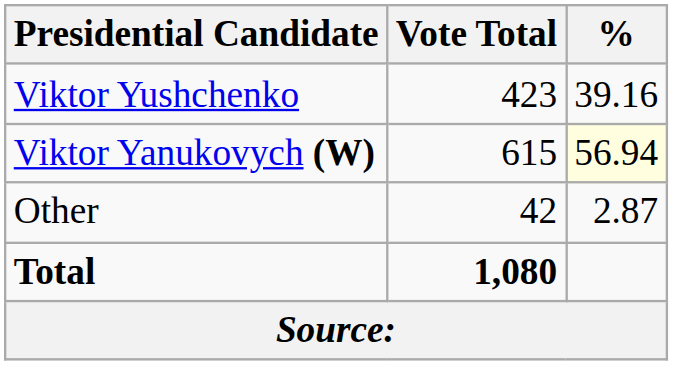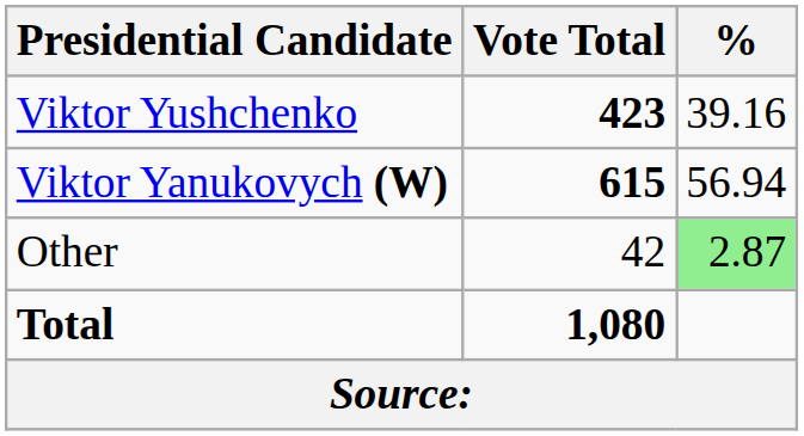 <table class="wikitable">
 <tr>
 <th>Presidential Candidate</th>
 <th>Vote Total</th>
 <th>%</th>
 </tr>
 <tr>
 <td><a href='#'>Viktor Yushchenko</a></td>
-<td align="right">423</td>
+<td align="right"><strong>423</strong></td>
 <td align="right">39.16</td>
 </tr>
 <tr>
 <td><a href='#'>Viktor Yanukovych</a>  <strong>(W)</strong></td>
-<td align="right">615</td>
-<td align="right" style="background: lightyellow;">56.94</td>
+<td align="right"><strong>615</strong></td>
+<td align="right">56.94</td>
 </tr>
 <tr>
 <td>Other</td>
 <td align="right">42</td>
-<td align="right">2.87</td>
+<td align="right" style="background: lightgreen;">2.87</td>
 </tr>
 <tr>
 <td><strong>Total</strong></td>
 <td align="right"><strong>1,080</strong></td>
 <td></td>
 </tr>
 <tr>
 <th colspan="6"><em>Source: </em></th>
 </tr>
 </table>
